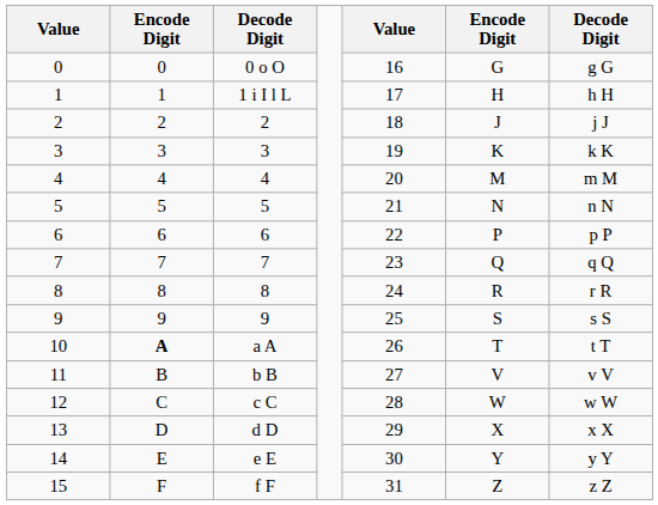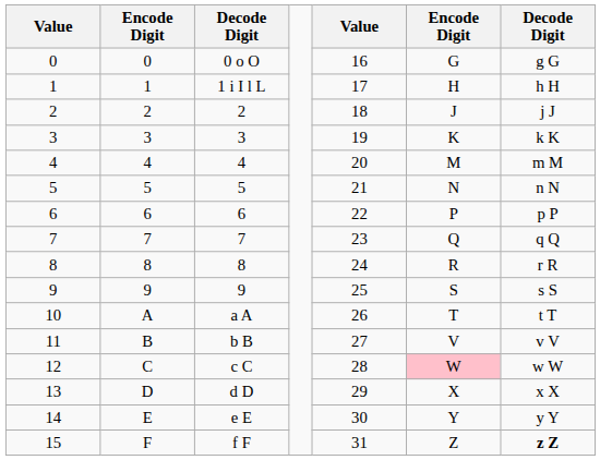 <table class="wikitable" style="width:80ex; text-align: center; margin: 0 auto 0 auto;">
 <tr>
 <th width="16%">Value</th>
 <th width="16%">Encode Digit</th>
 <th width="16%">Decode Digit</th>
 <td rowspan=17></td>
 <th width="16%">Value</th>
 <th width="16%">Encode Digit</th>
 <th width="16%">Decode Digit</th>
 </tr>
 <tr>
 <td>0</td>
 <td>0</td>
 <td>0 o O</td>
 <td>16</td>
 <td>G</td>
 <td>g G</td>
 </tr>
 <tr>
 <td>1</td>
 <td>1</td>
 <td>1 i I l L</td>
 <td>17</td>
 <td>H</td>
 <td>h H</td>
 </tr>
 <tr>
 <td>2</td>
 <td>2</td>
 <td>2</td>
 <td>18</td>
 <td>J</td>
 <td>j J</td>
 </tr>
 <tr>
 <td>3</td>
 <td>3</td>
 <td>3</td>
 <td>19</td>
 <td>K</td>
 <td>k K</td>
 </tr>
 <tr>
 <td>4</td>
 <td>4</td>
 <td>4</td>
 <td>20</td>
 <td>M</td>
 <td>m M</td>
 </tr>
 <tr>
 <td>5</td>
 <td>5</td>
 <td>5</td>
 <td>21</td>
 <td>N</td>
 <td>n N</td>
 </tr>
 <tr>
 <td>6</td>
 <td>6</td>
 <td>6</td>
 <td>22</td>
 <td>P</td>
 <td>p P</td>
 </tr>
 <tr>
 <td>7</td>
 <td>7</td>
 <td>7</td>
 <td>23</td>
 <td>Q</td>
 <td>q Q</td>
 </tr>
 <tr>
 <td>8</td>
 <td>8</td>
 <td>8</td>
 <td>24</td>
 <td>R</td>
 <td>r R</td>
 </tr>
 <tr>
 <td>9</td>
 <td>9</td>
 <td>9</td>
 <td>25</td>
 <td>S</td>
 <td>s S</td>
 </tr>
 <tr>
 <td>10</td>
-<td><strong>A</strong></td>
+<td>A</td>
 <td>a A</td>
 <td>26</td>
 <td>T</td>
 <td>t T</td>
 </tr>
 <tr>
 <td>11</td>
 <td>B</td>
 <td>b B</td>
 <td>27</td>
 <td>V</td>
 <td>v V</td>
 </tr>
 <tr>
 <td>12</td>
 <td>C</td>
 <td>c C</td>
 <td>28</td>
-<td>W</td>
+<td style="background: pink;">W</td>
 <td>w W</td>
 </tr>
 <tr>
 <td>13</td>
 <td>D</td>
 <td>d D</td>
 <td>29</td>
 <td>X</td>
 <td>x X</td>
 </tr>
 <tr>
 <td>14</td>
 <td>E</td>
 <td>e E</td>
 <td>30</td>
 <td>Y</td>
 <td>y Y</td>
 </tr>
 <tr>
 <td>15</td>
 <td>F</td>
 <td>f F</td>
 <td>31</td>
 <td>Z</td>
-<td>z Z</td>
+<td><strong>z Z</strong></td>
 </tr>
 </table>
